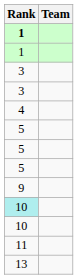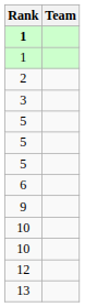 <table class=wikitable style="text-align: center;">
 <tr>
 <th>Rank</th>
 <th>Team</th>
 </tr>
 <tr style="background: #CCFFCC;">
 <td><strong>1</strong></td>
 <td style="text-align: left;"><strong></strong></td>
 </tr>
 <tr style="background: #CCFFCC;">
 <td>1</td>
 <td style="text-align: left;"><strong></strong></td>
 </tr>
 <tr>
-<td>3</td>
+<td>2</td>
 <td style="text-align: left;"></td>
 </tr>
 <tr>
 <td>3</td>
-<td style="text-align: left;"></td>
-</tr>
-<tr>
-<td>4</td>
 <td style="text-align: left;"></td>
 </tr>
 <tr>
 <td>5</td>
 <td style="text-align: left;"></td>
 </tr>
 <tr>
 <td>5</td>
 <td style="text-align: left;"></td>
 </tr>
 <tr>
 <td>5</td>
 <td style="text-align: left;"></td>
 </tr>
 <tr>
-<td>9</td>
+<td>6</td>
 <td style="text-align: left;"></td>
 </tr>
 <tr>
-<td style="background: paleturquoise;">10</td>
+<td>9</td>
 <td style="text-align: left;"></td>
 </tr>
 <tr>
 <td>10</td>
 <td style="text-align: left;"></td>
 </tr>
 <tr>
-<td>11</td>
+<td>10</td>
+<td style="text-align: left;"></td>
+</tr>
+<tr>
+<td>12</td>
 <td style="text-align: left;"></td>
 </tr>
 <tr>
 <td>13</td>
 <td style="text-align: left;"></td>
 </tr>
 </table>
